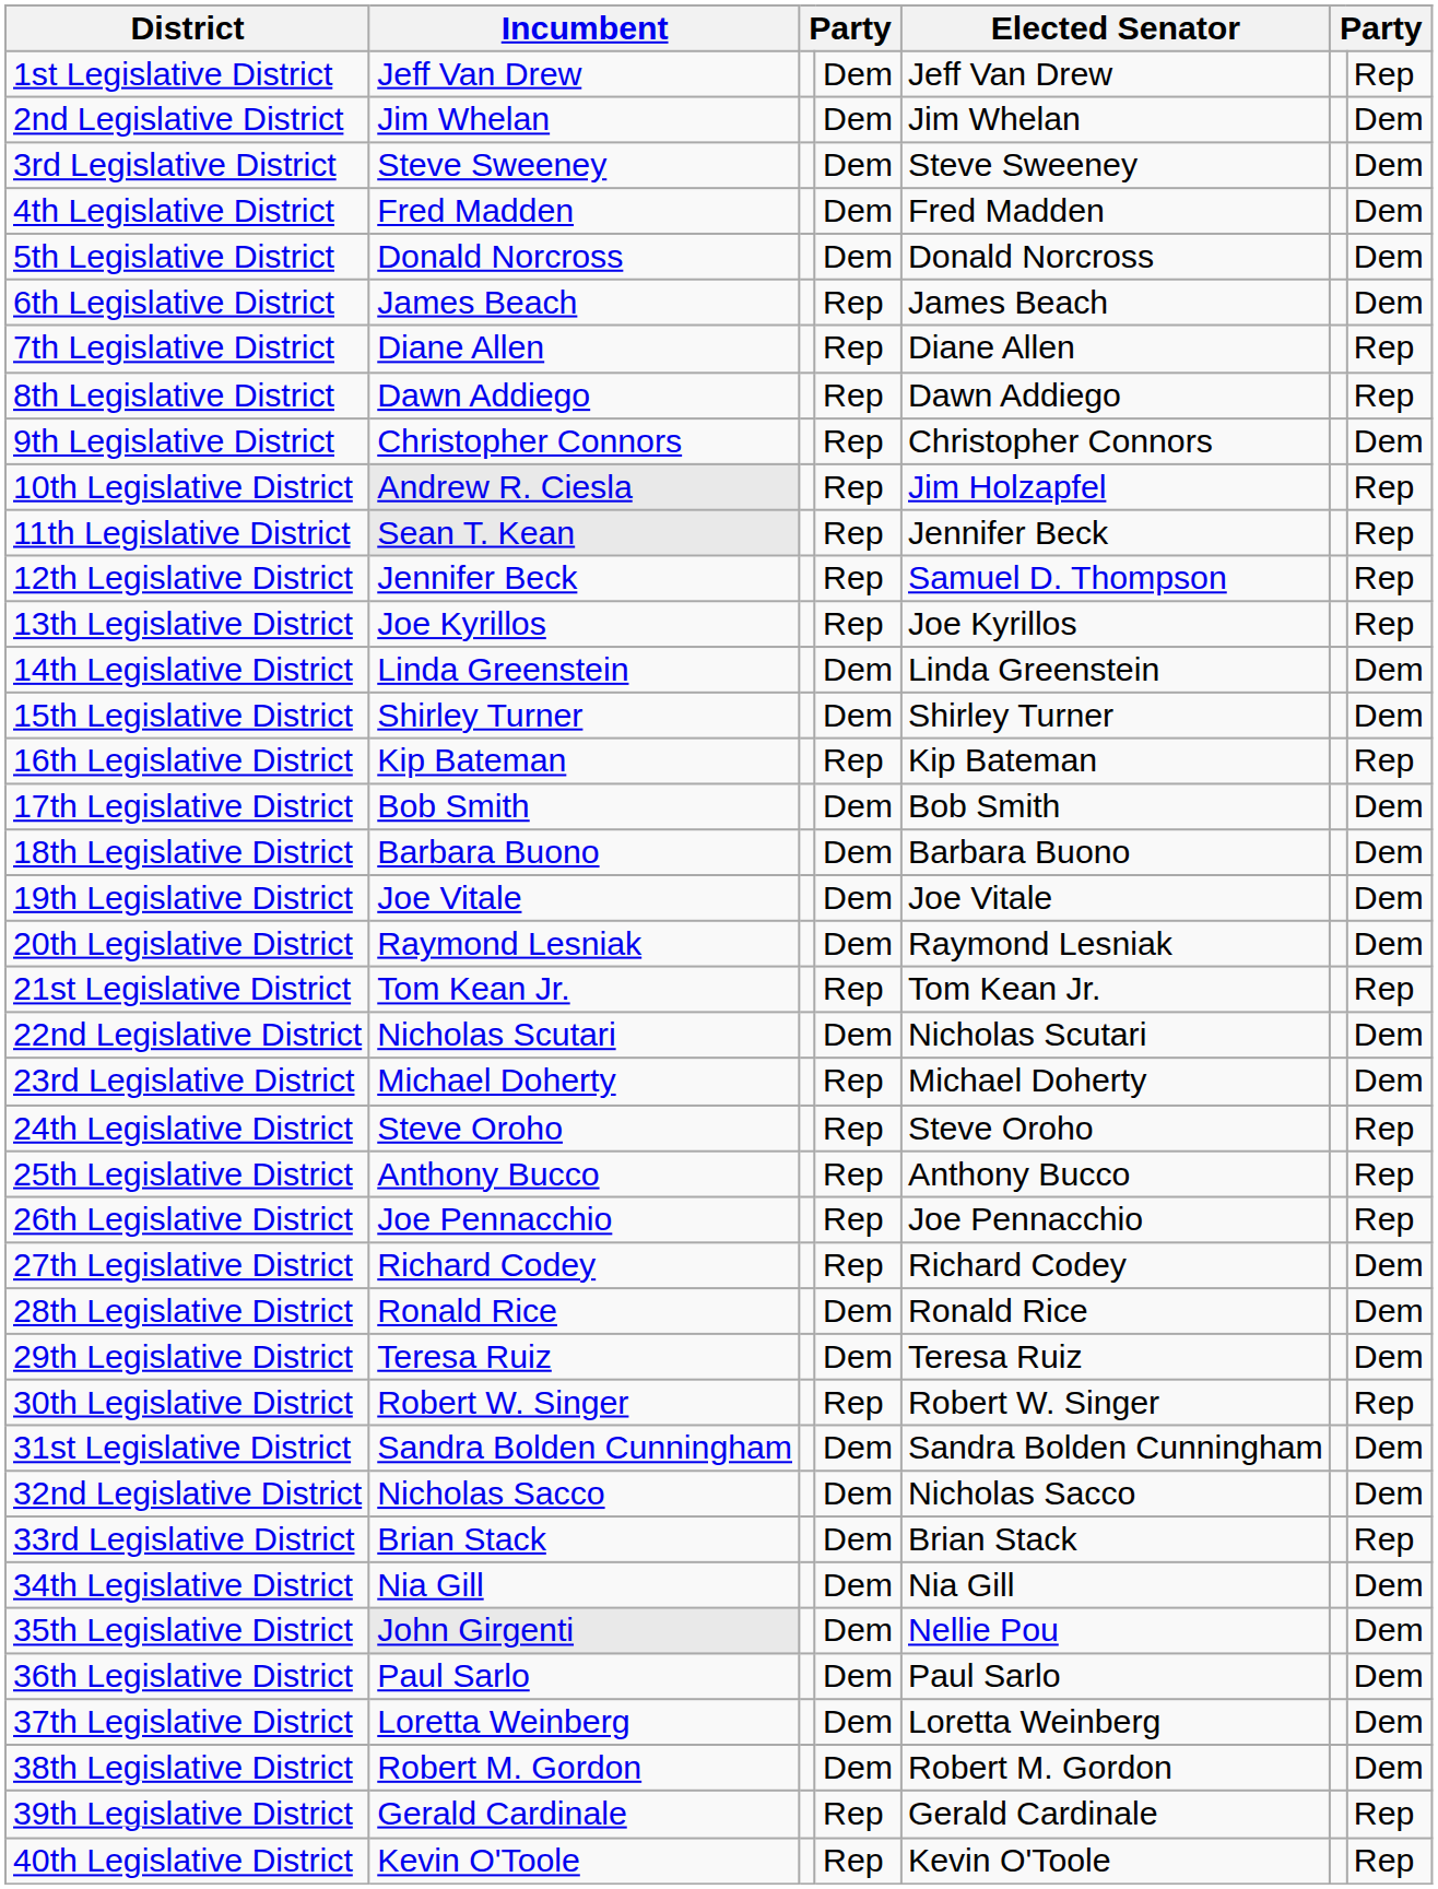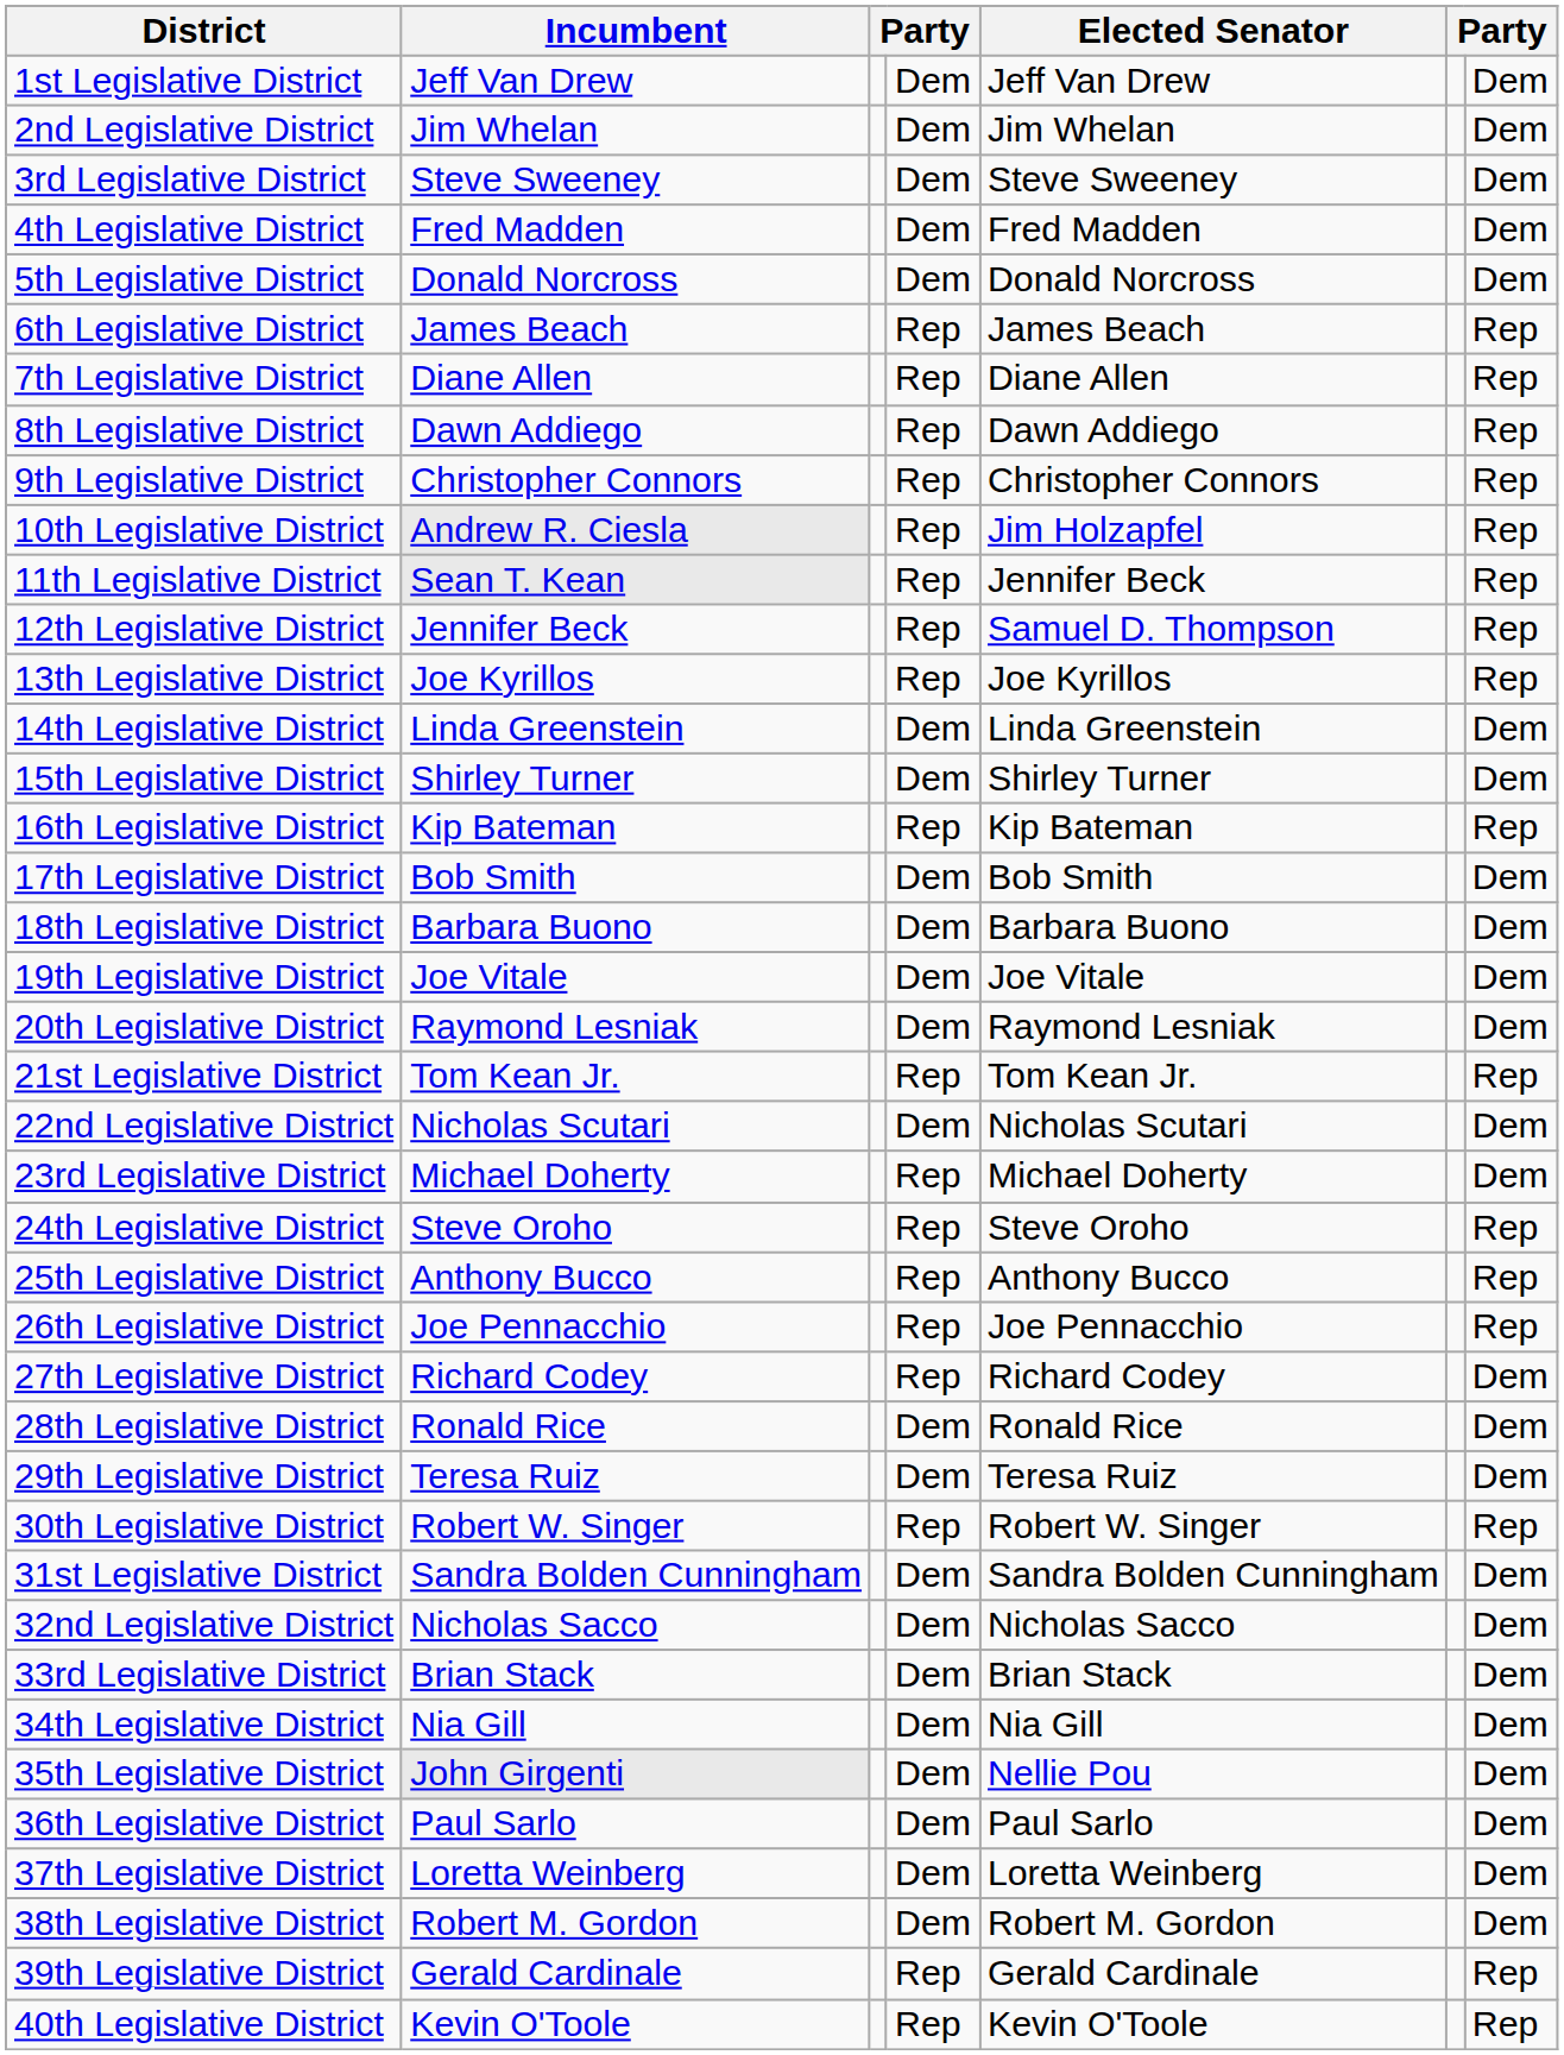 <table class="sortable wikitable" style="font-size:95%;line-height:14px;">
 <tr>
 <th>District</th>
 <th class="unsortable"><a href='#'>Incumbent</a></th>
 <th colspan="2">Party</th>
 <th class="unsortable">Elected Senator</th>
 <th colspan="2">Party</th>
 </tr>
 <tr>
 <td><a href='#'>1st Legislative District</a></td>
 <td><a href='#'>Jeff Van Drew</a></td>
 <td style="background:"></td>
 <td>Dem</td>
 <td>Jeff Van Drew</td>
 <td style="background:"></td>
-<td>Rep</td>
+<td>Dem</td>
 </tr>
 <tr>
 <td><a href='#'>2nd Legislative District</a></td>
 <td><a href='#'>Jim Whelan</a></td>
 <td style="background:"></td>
 <td>Dem</td>
 <td>Jim Whelan</td>
 <td style="background:"></td>
 <td>Dem</td>
 </tr>
 <tr>
 <td><a href='#'>3rd Legislative District</a></td>
 <td><a href='#'>Steve Sweeney</a></td>
 <td style="background:"></td>
 <td>Dem</td>
 <td>Steve Sweeney</td>
 <td style="background:"></td>
 <td>Dem</td>
 </tr>
 <tr>
 <td><a href='#'>4th Legislative District</a></td>
 <td><a href='#'>Fred Madden</a></td>
 <td style="background:"></td>
 <td>Dem</td>
 <td>Fred Madden</td>
 <td style="background:"></td>
 <td>Dem</td>
 </tr>
 <tr>
 <td><a href='#'>5th Legislative District</a></td>
 <td><a href='#'>Donald Norcross</a></td>
 <td style="background:"></td>
 <td>Dem</td>
 <td>Donald Norcross</td>
 <td style="background:"></td>
 <td>Dem</td>
 </tr>
 <tr>
 <td><a href='#'>6th Legislative District</a></td>
 <td><a href='#'>James Beach</a></td>
 <td style="background:"></td>
 <td>Rep</td>
 <td>James Beach</td>
 <td style="background:"></td>
-<td>Dem</td>
+<td>Rep</td>
 </tr>
 <tr>
 <td><a href='#'>7th Legislative District</a></td>
 <td><a href='#'>Diane Allen</a></td>
 <td style="background:"></td>
 <td>Rep</td>
 <td>Diane Allen</td>
 <td style="background:"></td>
 <td>Rep</td>
 </tr>
 <tr>
 <td><a href='#'>8th Legislative District</a></td>
 <td><a href='#'>Dawn Addiego</a></td>
 <td style="background:"></td>
 <td>Rep</td>
 <td>Dawn Addiego</td>
 <td style="background:"></td>
 <td>Rep</td>
 </tr>
 <tr>
 <td><a href='#'>9th Legislative District</a></td>
 <td><a href='#'>Christopher Connors</a></td>
 <td style="background:"></td>
 <td>Rep</td>
 <td>Christopher Connors</td>
 <td style="background:"></td>
-<td>Dem</td>
+<td>Rep</td>
 </tr>
 <tr>
 <td><a href='#'>10th Legislative District</a></td>
 <td style="background:#E9E9E9;"><a href='#'>Andrew R. Ciesla</a></td>
 <td style="background:"></td>
 <td>Rep</td>
 <td><a href='#'>Jim Holzapfel</a></td>
 <td style="background:"></td>
 <td>Rep</td>
 </tr>
 <tr>
 <td><a href='#'>11th Legislative District</a></td>
 <td style="background:#E9E9E9;"><a href='#'>Sean T. Kean</a></td>
 <td style="background:"></td>
 <td>Rep</td>
 <td>Jennifer Beck</td>
 <td style="background:"></td>
 <td>Rep</td>
 </tr>
 <tr>
 <td><a href='#'>12th Legislative District</a></td>
 <td><a href='#'>Jennifer Beck</a></td>
 <td style="background:"></td>
 <td>Rep</td>
 <td><a href='#'>Samuel D. Thompson</a></td>
 <td style="background:"></td>
 <td>Rep</td>
 </tr>
 <tr>
 <td><a href='#'>13th Legislative District</a></td>
 <td><a href='#'>Joe Kyrillos</a></td>
 <td style="background:"></td>
 <td>Rep</td>
 <td>Joe Kyrillos</td>
 <td style="background:"></td>
 <td>Rep</td>
 </tr>
 <tr>
 <td><a href='#'>14th Legislative District</a></td>
 <td><a href='#'>Linda Greenstein</a></td>
 <td style="background:"></td>
 <td>Dem</td>
 <td>Linda Greenstein</td>
 <td style="background:"></td>
 <td>Dem</td>
 </tr>
 <tr>
 <td><a href='#'>15th Legislative District</a></td>
 <td><a href='#'>Shirley Turner</a></td>
 <td style="background:"></td>
 <td>Dem</td>
 <td>Shirley Turner</td>
 <td style="background:"></td>
 <td>Dem</td>
 </tr>
 <tr>
 <td><a href='#'>16th Legislative District</a></td>
 <td><a href='#'>Kip Bateman</a></td>
 <td style="background:"></td>
 <td>Rep</td>
 <td>Kip Bateman</td>
 <td style="background:"></td>
 <td>Rep</td>
 </tr>
 <tr>
 <td><a href='#'>17th Legislative District</a></td>
 <td><a href='#'>Bob Smith</a></td>
 <td style="background:"></td>
 <td>Dem</td>
 <td>Bob Smith</td>
 <td style="background:"></td>
 <td>Dem</td>
 </tr>
 <tr>
 <td><a href='#'>18th Legislative District</a></td>
 <td><a href='#'>Barbara Buono</a></td>
 <td style="background:"></td>
 <td>Dem</td>
 <td>Barbara Buono</td>
 <td style="background:"></td>
 <td>Dem</td>
 </tr>
 <tr>
 <td><a href='#'>19th Legislative District</a></td>
 <td><a href='#'>Joe Vitale</a></td>
 <td style="background:"></td>
 <td>Dem</td>
 <td>Joe Vitale</td>
 <td style="background:"></td>
 <td>Dem</td>
 </tr>
 <tr>
 <td><a href='#'>20th Legislative District</a></td>
 <td><a href='#'>Raymond Lesniak</a></td>
 <td style="background:"></td>
 <td>Dem</td>
 <td>Raymond Lesniak</td>
 <td style="background:"></td>
 <td>Dem</td>
 </tr>
 <tr>
 <td><a href='#'>21st Legislative District</a></td>
 <td><a href='#'>Tom Kean Jr.</a></td>
 <td style="background:"></td>
 <td>Rep</td>
 <td>Tom Kean Jr.</td>
 <td style="background:"></td>
 <td>Rep</td>
 </tr>
 <tr>
 <td><a href='#'>22nd Legislative District</a></td>
 <td><a href='#'>Nicholas Scutari</a></td>
 <td style="background:"></td>
 <td>Dem</td>
 <td>Nicholas Scutari</td>
 <td style="background:"></td>
 <td>Dem</td>
 </tr>
 <tr>
 <td><a href='#'>23rd Legislative District</a></td>
 <td><a href='#'>Michael Doherty</a></td>
 <td style="background:"></td>
 <td>Rep</td>
 <td>Michael Doherty</td>
 <td style="background:"></td>
 <td>Dem</td>
 </tr>
 <tr>
 <td><a href='#'>24th Legislative District</a></td>
 <td><a href='#'>Steve Oroho</a></td>
 <td style="background:"></td>
 <td>Rep</td>
 <td>Steve Oroho</td>
 <td style="background:"></td>
 <td>Rep</td>
 </tr>
 <tr>
 <td><a href='#'>25th Legislative District</a></td>
 <td><a href='#'>Anthony Bucco</a></td>
 <td style="background:"></td>
 <td>Rep</td>
 <td>Anthony Bucco</td>
 <td style="background:"></td>
 <td>Rep</td>
 </tr>
 <tr>
 <td><a href='#'>26th Legislative District</a></td>
 <td><a href='#'>Joe Pennacchio</a></td>
 <td style="background:"></td>
 <td>Rep</td>
 <td>Joe Pennacchio</td>
 <td style="background:"></td>
 <td>Rep</td>
 </tr>
 <tr>
 <td><a href='#'>27th Legislative District</a></td>
 <td><a href='#'>Richard Codey</a></td>
 <td style="background:"></td>
 <td>Rep</td>
 <td>Richard Codey</td>
 <td style="background:"></td>
 <td>Dem</td>
 </tr>
 <tr>
 <td><a href='#'>28th Legislative District</a></td>
 <td><a href='#'>Ronald Rice</a></td>
 <td style="background:"></td>
 <td>Dem</td>
 <td>Ronald Rice</td>
 <td style="background:"></td>
 <td>Dem</td>
 </tr>
 <tr>
 <td><a href='#'>29th Legislative District</a></td>
 <td><a href='#'>Teresa Ruiz</a></td>
 <td style="background:"></td>
 <td>Dem</td>
 <td>Teresa Ruiz</td>
 <td style="background:"></td>
 <td>Dem</td>
 </tr>
 <tr>
 <td><a href='#'>30th Legislative District</a></td>
 <td><a href='#'>Robert W. Singer</a></td>
 <td style="background:"></td>
 <td>Rep</td>
 <td>Robert W. Singer</td>
 <td style="background:"></td>
 <td>Rep</td>
 </tr>
 <tr>
 <td><a href='#'>31st Legislative District</a></td>
 <td><a href='#'>Sandra Bolden Cunningham</a></td>
 <td style="background:"></td>
 <td>Dem</td>
 <td>Sandra Bolden Cunningham</td>
 <td style="background:"></td>
 <td>Dem</td>
 </tr>
 <tr>
 <td><a href='#'>32nd Legislative District</a></td>
 <td><a href='#'>Nicholas Sacco</a></td>
 <td style="background:"></td>
 <td>Dem</td>
 <td>Nicholas Sacco</td>
 <td style="background:"></td>
 <td>Dem</td>
 </tr>
 <tr>
 <td><a href='#'>33rd Legislative District</a></td>
 <td><a href='#'>Brian Stack</a></td>
 <td style="background:"></td>
 <td>Dem</td>
 <td>Brian Stack</td>
 <td style="background:"></td>
-<td>Rep</td>
+<td>Dem</td>
 </tr>
 <tr>
 <td><a href='#'>34th Legislative District</a></td>
 <td><a href='#'>Nia Gill</a></td>
 <td style="background:"></td>
 <td>Dem</td>
 <td>Nia Gill</td>
 <td style="background:"></td>
 <td>Dem</td>
 </tr>
 <tr>
 <td><a href='#'>35th Legislative District</a></td>
 <td style="background:#E9E9E9;"><a href='#'>John Girgenti</a></td>
 <td style="background:"></td>
 <td>Dem</td>
 <td><a href='#'>Nellie Pou</a></td>
 <td style="background:"></td>
 <td>Dem</td>
 </tr>
 <tr>
 <td><a href='#'>36th Legislative District</a></td>
 <td><a href='#'>Paul Sarlo</a></td>
 <td style="background:"></td>
 <td>Dem</td>
 <td>Paul Sarlo</td>
 <td style="background:"></td>
 <td>Dem</td>
 </tr>
 <tr>
 <td><a href='#'>37th Legislative District</a></td>
 <td><a href='#'>Loretta Weinberg</a></td>
 <td style="background:"></td>
 <td>Dem</td>
 <td>Loretta Weinberg</td>
 <td style="background:"></td>
 <td>Dem</td>
 </tr>
 <tr>
 <td><a href='#'>38th Legislative District</a></td>
 <td><a href='#'>Robert M. Gordon</a></td>
 <td style="background:"></td>
 <td>Dem</td>
 <td>Robert M. Gordon</td>
 <td style="background:"></td>
 <td>Dem</td>
 </tr>
 <tr>
 <td><a href='#'>39th Legislative District</a></td>
 <td><a href='#'>Gerald Cardinale</a></td>
 <td style="background:"></td>
 <td>Rep</td>
 <td>Gerald Cardinale</td>
 <td style="background:"></td>
 <td>Rep</td>
 </tr>
 <tr>
 <td><a href='#'>40th Legislative District</a></td>
 <td><a href='#'>Kevin O'Toole</a></td>
 <td style="background:"></td>
 <td>Rep</td>
 <td>Kevin O'Toole</td>
 <td style="background:"></td>
 <td>Rep</td>
 </tr>
 </table>
